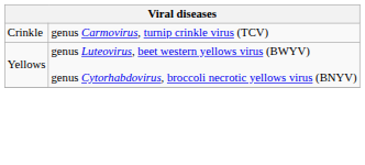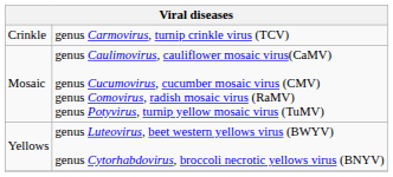 <table class="wikitable" style="clear:left">
 <tr>
 <th colspan=2><strong>Viral diseases</strong></th>
 </tr>
 <tr>
 <td>Crinkle</td>
 <td>genus <em><a href='#'>Carmovirus</a></em>, <a href='#'>turnip crinkle virus</a> (TCV)</td>
 </tr>
 <tr>
+<td>Mosaic</td>
+<td>genus <em><a href='#'>Caulimovirus</a></em>, <a href='#'>cauliflower mosaic virus</a>(CaMV) <br><br>genus <em><a href='#'>Cucumovirus</a></em>, <a href='#'>cucumber mosaic virus</a> (CMV)<br> genus <em><a href='#'>Comovirus</a></em>, <a href='#'>radish mosaic virus</a> (RaMV) <br> genus <em><a href='#'>Potyvirus</a></em>, <a href='#'>turnip yellow mosaic virus</a> (TuMV)</td>
+</tr>
+<tr>
 <td>Yellows</td>
 <td>genus <em><a href='#'>Luteovirus</a></em>, <a href='#'>beet western yellows virus</a> (BWYV) <br><br>genus <em><a href='#'>Cytorhabdovirus</a></em>, <a href='#'>broccoli necrotic yellows virus</a>    (BNYV)</td>
 </tr>
 <tr>
 </tr>
 </table>
